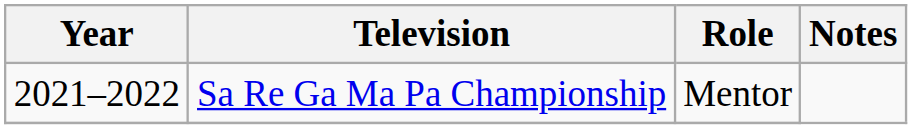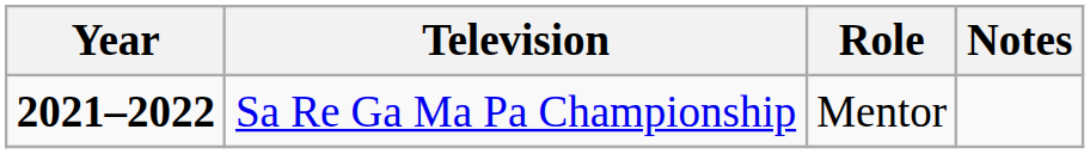 <table class="wikitable sortable">
 <tr>
 <th>Year</th>
 <th>Television</th>
 <th>Role</th>
 <th class="unsortable">Notes</th>
 </tr>
 <tr>
-<td>2021–2022</td>
+<td><strong>2021–2022</strong></td>
 <td><a href='#'>Sa Re Ga Ma Pa Championship</a></td>
 <td>Mentor</td>
 </tr>
 <tr>
 </tr>
 </table>
